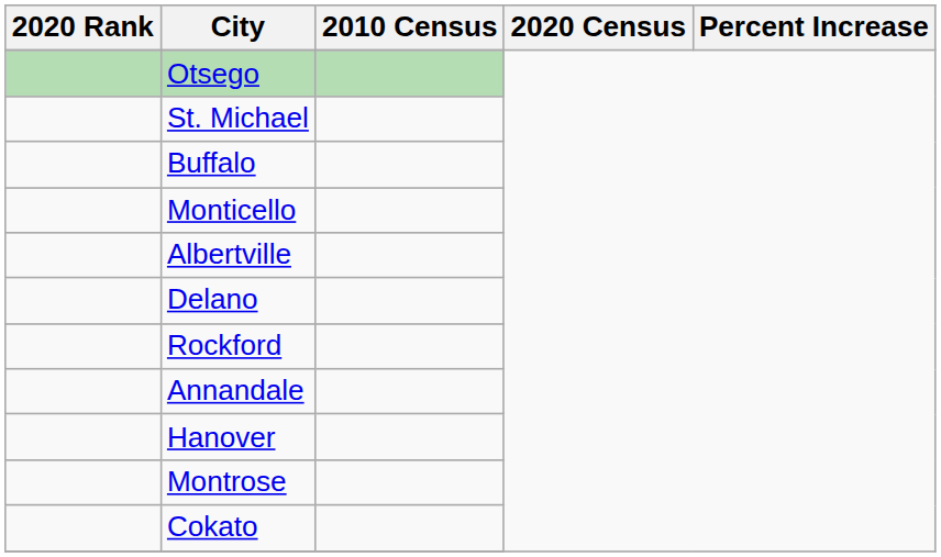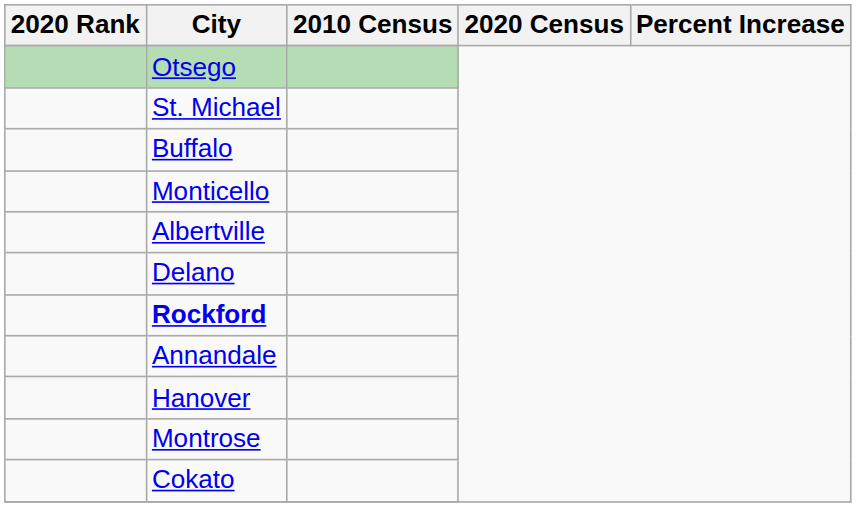 <table class="wikitable sortable">
 <tr>
 <th>2020 Rank</th>
 <th>City</th>
 <th>2010 Census</th>
 <th>2020 Census</th>
 <th>Percent Increase</th>
 </tr>
 <tr>
 </tr>
 <tr style="background-color:#b4ddb4;">
 <td style="text-align: center;"></td>
 <td><a href='#'>Otsego</a></td>
 <td></td>
 </tr>
 <tr>
 <td style="text-align: center;"></td>
 <td><a href='#'>St. Michael</a></td>
 <td></td>
 </tr>
 <tr>
 <td style="text-align: center;"></td>
 <td><a href='#'>Buffalo</a></td>
 <td></td>
 </tr>
 <tr>
 <td style="text-align: center;"></td>
 <td><a href='#'>Monticello</a></td>
 <td></td>
 </tr>
 <tr>
 <td style="text-align: center;"></td>
 <td><a href='#'>Albertville</a></td>
 <td></td>
 </tr>
 <tr>
 <td style="text-align: center;"></td>
 <td><a href='#'>Delano</a></td>
 <td></td>
 </tr>
 <tr>
 <td style="text-align: center;"></td>
-<td><a href='#'>Rockford</a></td>
+<td><strong><a href='#'>Rockford</a></strong></td>
 <td></td>
 </tr>
 <tr>
 <td style="text-align: center;"></td>
 <td><a href='#'>Annandale</a></td>
 <td></td>
 </tr>
 <tr>
 <td style="text-align: center;"></td>
 <td><a href='#'>Hanover</a></td>
 <td></td>
 </tr>
 <tr>
 <td style="text-align: center;"></td>
 <td><a href='#'>Montrose</a></td>
 <td></td>
 </tr>
 <tr>
 <td style="text-align: center;"></td>
 <td><a href='#'>Cokato</a></td>
 <td></td>
 </tr>
 <tr>
 </tr>
 </table>
